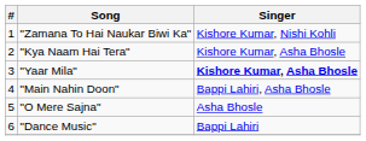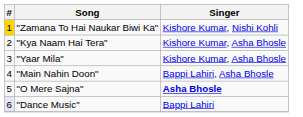 <table class="wikitable" style="font-size:95%;">
 <tr>
 <th>#</th>
 <th>Song</th>
 <th>Singer</th>
 </tr>
 <tr>
-<td>1</td>
+<td style="background: gold;">1</td>
 <td>"Zamana To Hai Naukar Biwi Ka"</td>
 <td><a href='#'>Kishore Kumar</a>, <a href='#'>Nishi Kohli</a></td>
 </tr>
 <tr>
 <td>2</td>
 <td>"Kya Naam Hai Tera"</td>
 <td><a href='#'>Kishore Kumar</a>, <a href='#'>Asha Bhosle</a></td>
 </tr>
 <tr>
 <td>3</td>
 <td>"Yaar Mila"</td>
-<td><strong><a href='#'>Kishore Kumar</a>, <a href='#'>Asha Bhosle</a></strong></td>
+<td><a href='#'>Kishore Kumar</a>, <a href='#'>Asha Bhosle</a></td>
 </tr>
 <tr>
 <td>4</td>
 <td>"Main Nahin Doon"</td>
 <td><a href='#'>Bappi Lahiri</a>, <a href='#'>Asha Bhosle</a></td>
 </tr>
 <tr>
 <td>5</td>
 <td>"O Mere Sajna"</td>
-<td><a href='#'>Asha Bhosle</a></td>
+<td><strong><a href='#'>Asha Bhosle</a></strong></td>
 </tr>
 <tr>
-<td>6</td>
+<td style="background: lavender;">6</td>
 <td>"Dance Music"</td>
 <td><a href='#'>Bappi Lahiri</a></td>
 </tr>
 <tr>
 </tr>
 </table>
